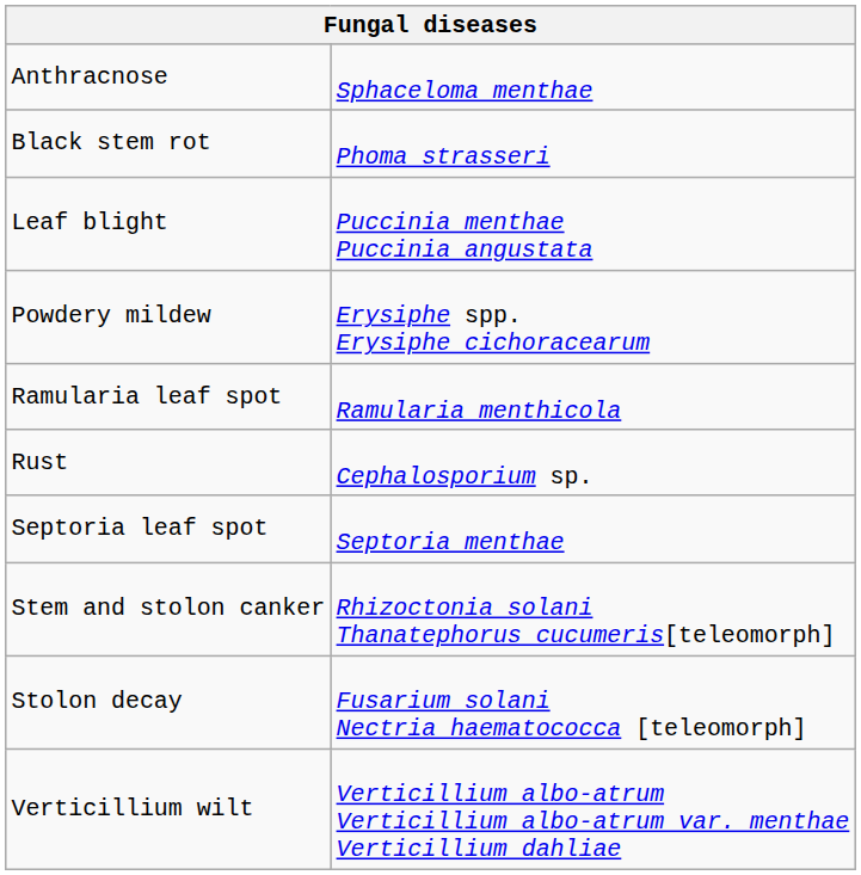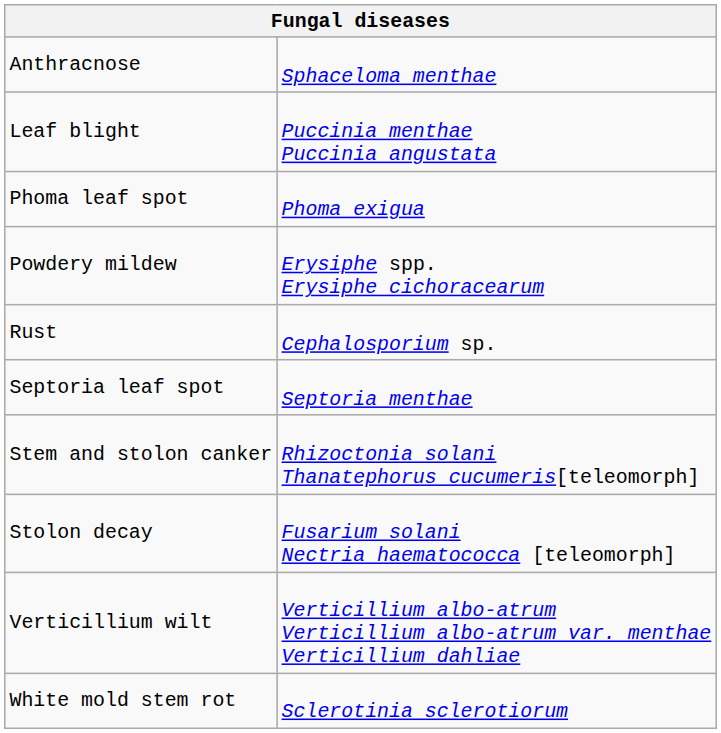 <table class="wikitable" style="clear">
 <tr>
 <th colspan=2>Fungal diseases<br></th>
 </tr>
 <tr>
 <td>Anthracnose</td>
 <td><br><em><a href='#'>Sphaceloma menthae</a></em></td>
 </tr>
 <tr>
-<td>Black stem rot</td>
-<td><br><em><a href='#'>Phoma strasseri</a></em></td>
-</tr>
-<tr>
 <td>Leaf blight</td>
 <td><br><em><a href='#'>Puccinia menthae</a></em><br> <em><a href='#'>Puccinia angustata</a></em></td>
 </tr>
 <tr>
+<td>Phoma leaf spot</td>
+<td><br><em><a href='#'>Phoma exigua</a></em></td>
+</tr>
+<tr>
 <td>Powdery mildew</td>
 <td><br><em><a href='#'>Erysiphe</a></em> spp. <br> <em><a href='#'>Erysiphe cichoracearum</a></em></td>
-</tr>
-<tr>
-<td>Ramularia leaf spot</td>
-<td><br><em><a href='#'>Ramularia menthicola</a></em></td>
 </tr>
 <tr>
 <td>Rust</td>
 <td><br><em><a href='#'>Cephalosporium</a></em> sp.</td>
 </tr>
 <tr>
 <td>Septoria leaf spot</td>
 <td><br><em><a href='#'>Septoria menthae</a></em></td>
 </tr>
 <tr>
 <td>Stem and stolon canker</td>
 <td><br><em><a href='#'>Rhizoctonia solani</a></em><br> <em><a href='#'>Thanatephorus cucumeris</a></em>[teleomorph]</td>
 </tr>
 <tr>
 <td>Stolon decay</td>
 <td><br><em><a href='#'>Fusarium solani</a></em> <br> <em><a href='#'>Nectria haematococca</a></em> [teleomorph]</td>
 </tr>
 <tr>
 <td>Verticillium wilt</td>
 <td><br><em><a href='#'>Verticillium albo-atrum</a></em><br> <em><a href='#'>Verticillium albo-atrum var. menthae</a></em><br> <em><a href='#'>Verticillium dahliae</a></em></td>
 </tr>
 <tr>
+<td>White mold stem rot</td>
+<td><br><em><a href='#'>Sclerotinia sclerotiorum</a></em></td>
+</tr>
+<tr>
 </tr>
 </table>
